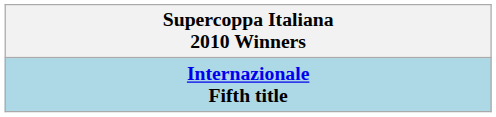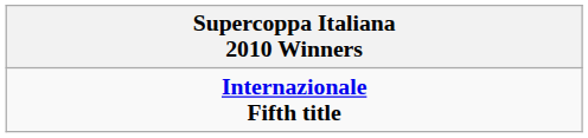 <table class="wikitable" style="text-align: center; margin: 0 auto; width: 20%">
 <tr>
 <th>Supercoppa Italiana <br>2010 Winners</th>
 </tr>
 <tr>
-<td style="background: lightblue;"><strong><a href='#'>Internazionale</a></strong><br><strong>Fifth title</strong></td>
+<td><strong><a href='#'>Internazionale</a></strong><br><strong>Fifth title</strong></td>
 </tr>
 </table>
